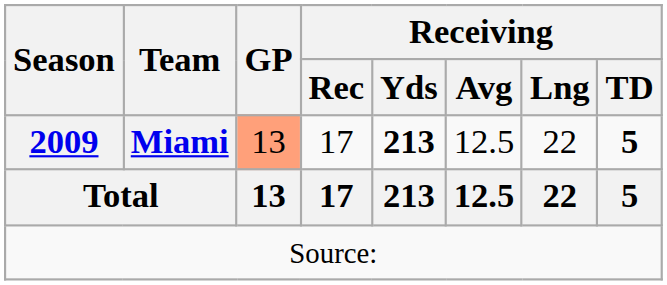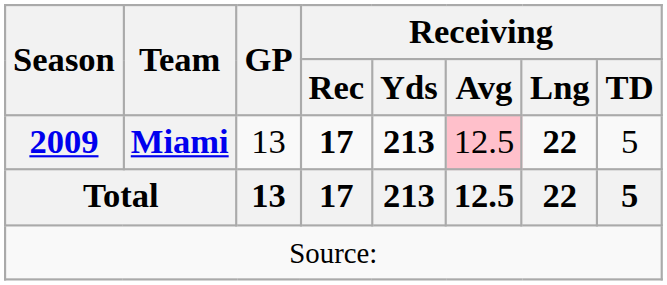 <table class="wikitable" style="text-align: center;">
 <tr>
 <th rowspan="2">Season</th>
 <th rowspan="2">Team</th>
 <th rowspan="2">GP</th>
 <th colspan="5">Receiving</th>
 </tr>
 <tr>
 <th>Rec</th>
 <th>Yds</th>
 <th>Avg</th>
 <th>Lng</th>
 <th>TD</th>
 </tr>
 <tr>
 <th><a href='#'>2009</a></th>
 <th><a href='#'>Miami</a></th>
-<td style="background: lightsalmon;">13</td>
-<td>17</td>
+<td>13</td>
+<td><strong>17</strong></td>
 <td><strong>213</strong></td>
-<td>12.5</td>
-<td>22</td>
-<td><strong>5</strong></td>
+<td style="background: pink;">12.5</td>
+<td><strong>22</strong></td>
+<td>5</td>
 </tr>
 <tr>
 <th colspan="2">Total</th>
 <th>13</th>
 <th>17</th>
 <th>213</th>
 <th>12.5</th>
 <th>22</th>
 <th>5</th>
 </tr>
 <tr>
 <td colspan="10"><small>Source: </small></td>
 </tr>
 </table>
